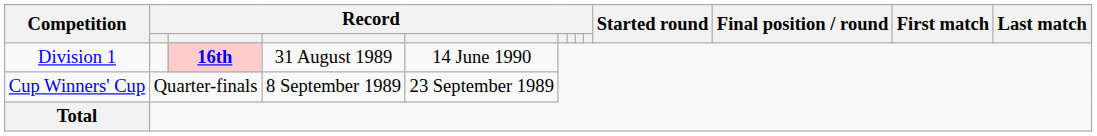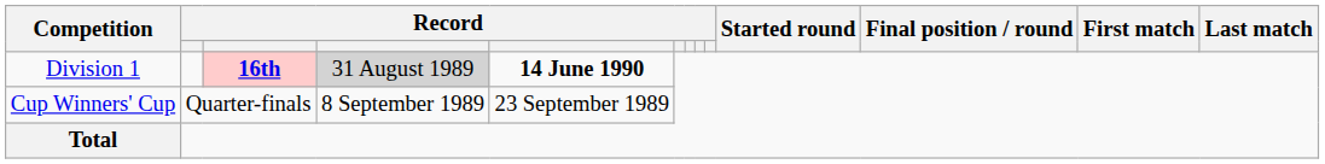 <table class="wikitable" style="text-align: center">
 <tr>
 <th rowspan=2>Competition</th>
 <th colspan=8>Record</th>
 <th rowspan=2>Started round</th>
 <th rowspan=2>Final position / round</th>
 <th rowspan=2>First match</th>
 <th rowspan=2>Last match</th>
 </tr>
 <tr>
 <th></th>
 <th></th>
 <th></th>
 <th></th>
 <th></th>
 <th></th>
 <th></th>
 <th></th>
 </tr>
 <tr>
 <td><a href='#'>Division 1</a><br></td>
 <td></td>
 <td style="background:#FFCCCC;"><strong><a href='#'>16th</a></strong></td>
-<td>31 August 1989</td>
-<td>14 June 1990</td>
+<td style="background: lightgrey;">31 August 1989</td>
+<td><strong>14 June 1990</strong></td>
 </tr>
 <tr>
 <td><a href='#'>Cup Winners' Cup</a><br></td>
 <td colspan=2>Quarter-finals</td>
 <td>8 September 1989</td>
 <td>23 September 1989</td>
 </tr>
 <tr>
 <th>Total<br></th>
 </tr>
 </table>
